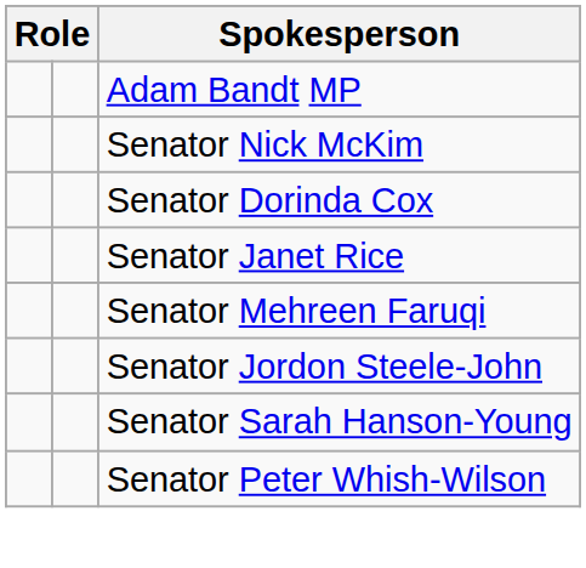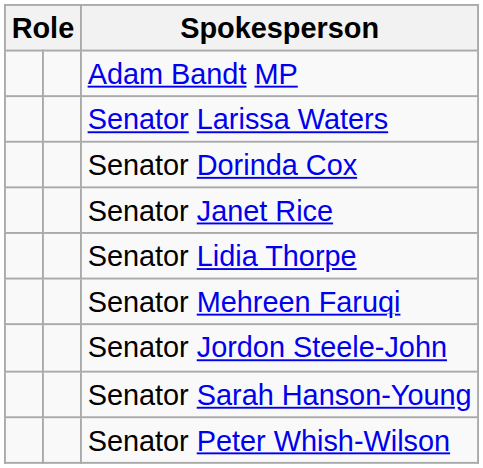 <table class="wikitable" style="text-align:left; font-size:95%">
 <tr>
 <th colspan=2>Role</th>
 <th>Spokesperson</th>
 </tr>
 <tr>
 <td style="background-color: "></td>
 <td></td>
 <td><a href='#'>Adam Bandt</a> <a href='#'>MP</a></td>
 </tr>
 <tr>
 <td style="background-color: "></td>
 <td></td>
-<td>Senator <a href='#'>Nick McKim</a></td>
+<td><a href='#'>Senator</a> <a href='#'>Larissa Waters</a></td>
 </tr>
 <tr>
 <td style="background-color: "></td>
 <td></td>
 <td>Senator <a href='#'>Dorinda Cox</a></td>
 </tr>
 <tr>
 <td style="background-color: "></td>
 <td></td>
 <td>Senator <a href='#'>Janet Rice</a></td>
+</tr>
+<tr>
+<td style="background-color: "></td>
+<td></td>
+<td>Senator <a href='#'>Lidia Thorpe</a></td>
 </tr>
 <tr>
 <td style="background-color: "></td>
 <td></td>
 <td>Senator <a href='#'>Mehreen Faruqi</a></td>
 </tr>
 <tr>
 <td style="background-color: "></td>
 <td></td>
 <td>Senator <a href='#'>Jordon Steele-John</a></td>
 </tr>
 <tr>
 <td style="background-color: "></td>
 <td></td>
 <td>Senator <a href='#'>Sarah Hanson-Young</a></td>
 </tr>
 <tr>
 <td style="background-color: "></td>
 <td></td>
 <td>Senator <a href='#'>Peter Whish-Wilson</a></td>
 </tr>
 </table>
